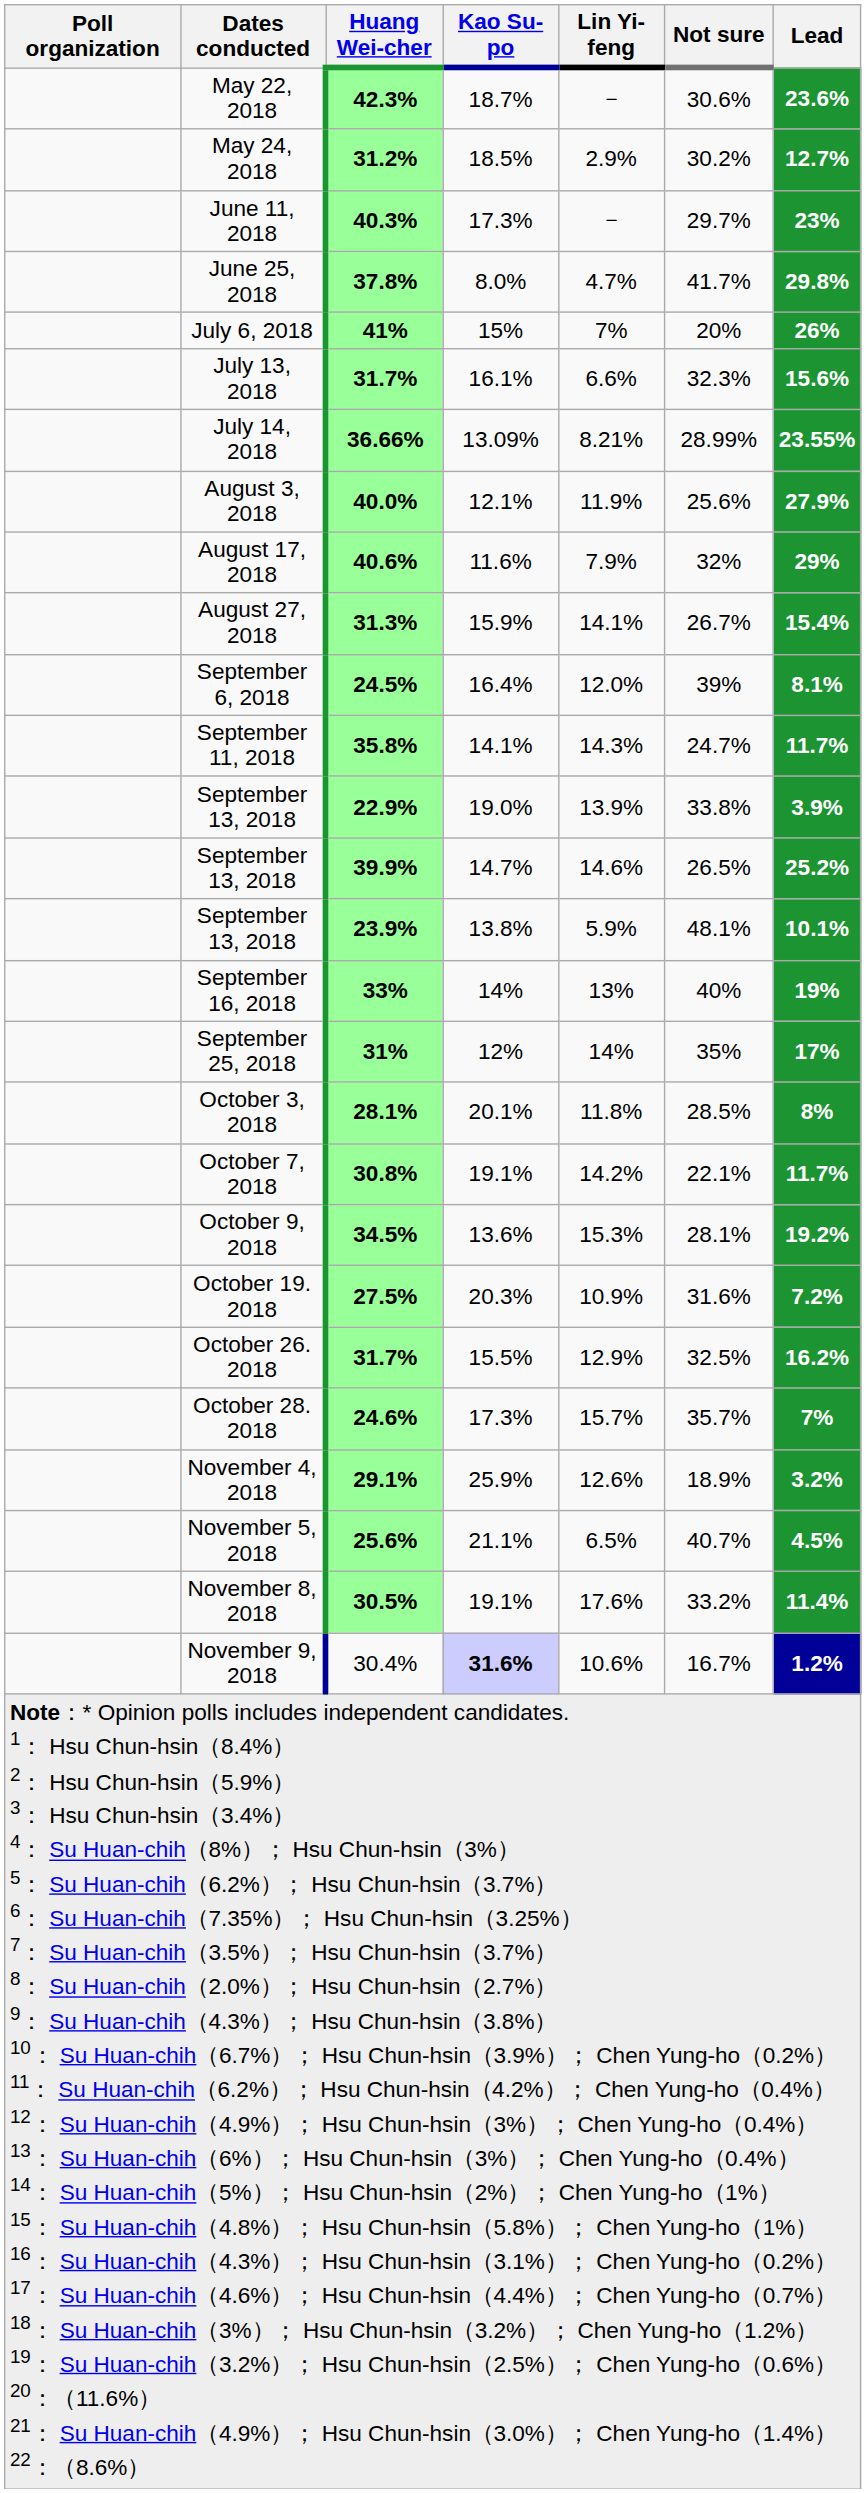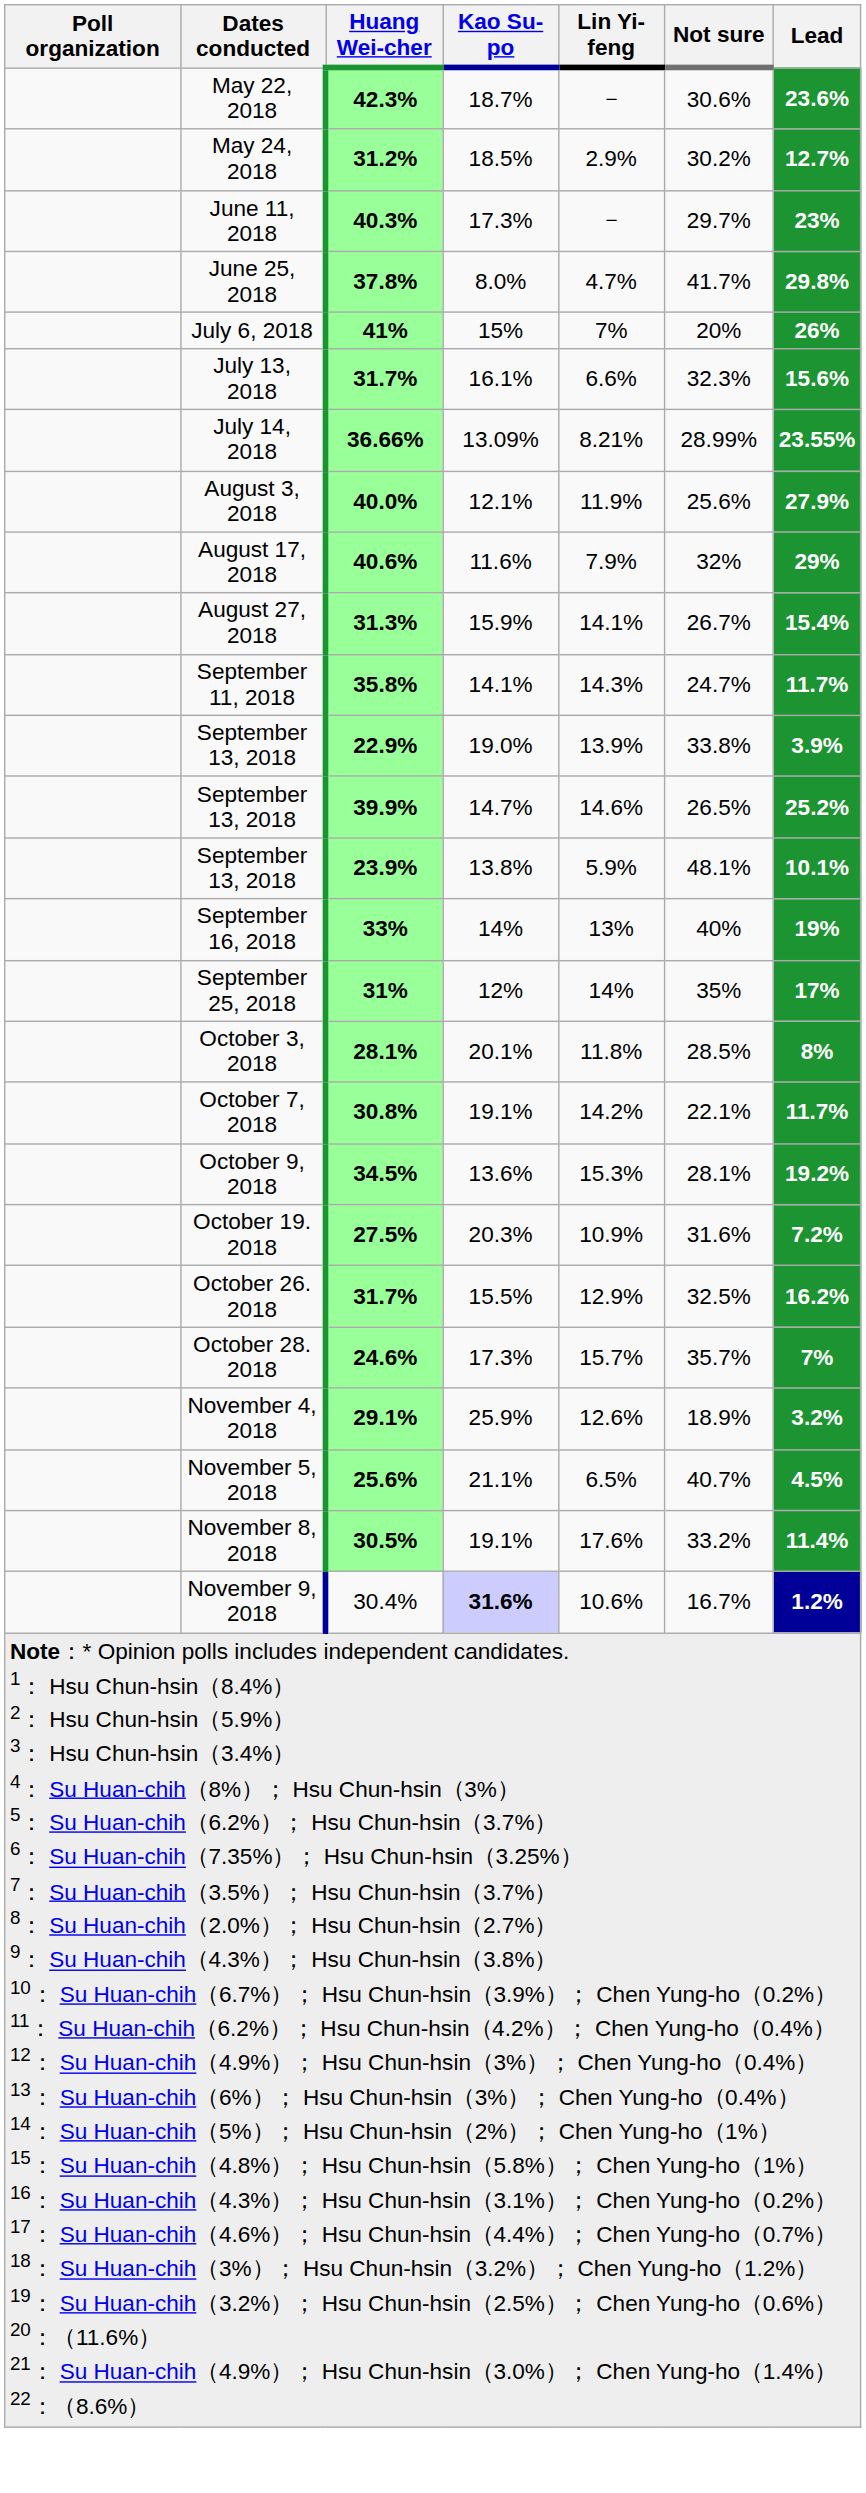 <table class="wikitable collapsible autocollapse" style="text-align:center">
 <tr style="background-color:# E9E9E9">
 <th style="width:200px;">Poll organization</th>
 <th style="width:150px;">Dates conducted</th>
 <th style="width:150px; border-bottom:4px solid #1B9431;"> <a href='#'>Huang Wei-cher</a></th>
 <th style="width:150px; border-bottom:4px solid #000099;"> <a href='#'>Kao Su-po</a></th>
 <th style="width:150px; border-bottom:4px solid #000000;"> Lin Yi-feng</th>
 <th style="width:130px; border-bottom:4px solid #707070;"> Not sure</th>
 <th style="width:40px;">Lead</th>
 </tr>
 <tr>
 <td></td>
 <td>May 22, 2018</td>
 <td style="background-color:#99FF99; border-left:4px solid #1B9431;"><strong>42.3%</strong></td>
 <td>18.7%</td>
 <td>－</td>
 <td>30.6%</td>
 <td style="background:#1B9431; color:white"><strong>23.6%</strong></td>
 </tr>
 <tr>
 <td></td>
 <td>May 24, 2018</td>
 <td style="background-color:#99FF99; border-left:4px solid #1B9431;"><strong>31.2%</strong></td>
 <td>18.5%</td>
 <td>2.9%</td>
 <td>30.2%</td>
 <td style="background:#1B9431; color:white"><strong>12.7%</strong></td>
 </tr>
 <tr>
 <td></td>
 <td>June 11, 2018</td>
 <td style="background-color:#99FF99; border-left:4px solid #1B9431;"><strong>40.3%</strong></td>
 <td>17.3%</td>
 <td>－</td>
 <td>29.7%</td>
 <td style="background:#1B9431; color:white"><strong>23%</strong></td>
 </tr>
 <tr>
 <td></td>
 <td>June 25, 2018</td>
 <td style="background-color:#99FF99; border-left:4px solid #1B9431;"><strong>37.8%</strong></td>
 <td>8.0%</td>
 <td>4.7%</td>
 <td>41.7%</td>
 <td style="background:#1B9431; color:white"><strong>29.8%</strong></td>
 </tr>
 <tr>
 <td></td>
 <td>July 6, 2018</td>
 <td style="background-color:#99FF99; border-left:4px solid #1B9431;"><strong>41%</strong></td>
 <td>15%</td>
 <td>7%</td>
 <td>20%</td>
 <td style="background:#1B9431; color:white"><strong>26%</strong></td>
 </tr>
 <tr>
 <td> </td>
 <td>July 13, 2018</td>
 <td style="background-color:#99FF99; border-left:4px solid #1B9431;"><strong>31.7%</strong></td>
 <td>16.1%</td>
 <td>6.6%</td>
 <td>32.3%</td>
 <td style="background:#1B9431; color:white"><strong>15.6%</strong></td>
 </tr>
 <tr>
 <td> </td>
 <td>July 14, 2018</td>
 <td style="background-color:#99FF99; border-left:4px solid #1B9431;"><strong>36.66%</strong></td>
 <td>13.09%</td>
 <td>8.21%</td>
 <td>28.99%</td>
 <td style="background:#1B9431; color:white"><strong>23.55%</strong></td>
 </tr>
 <tr>
 <td></td>
 <td>August 3, 2018</td>
 <td style="background-color:#99FF99; border-left:4px solid #1B9431;"><strong>40.0%</strong></td>
 <td>12.1%</td>
 <td>11.9%</td>
 <td>25.6%</td>
 <td style="background:#1B9431; color:white"><strong>27.9%</strong></td>
 </tr>
 <tr>
 <td></td>
 <td>August 17, 2018</td>
 <td style="background-color:#99FF99; border-left:4px solid #1B9431;"><strong>40.6%</strong></td>
 <td>11.6%</td>
 <td>7.9%</td>
 <td>32%</td>
 <td style="background:#1B9431; color:white"><strong>29%</strong></td>
 </tr>
 <tr>
 <td></td>
 <td>August 27, 2018</td>
 <td style="background-color:#99FF99; border-left:4px solid #1B9431;"><strong>31.3%</strong></td>
 <td>15.9%</td>
 <td>14.1%</td>
 <td>26.7%</td>
 <td style="background:#1B9431; color:white"><strong>15.4%</strong></td>
-</tr>
-<tr>
-<td></td>
-<td>September 6, 2018</td>
-<td style="background-color:#99FF99; border-left:4px solid #1B9431;"><strong>24.5%</strong></td>
-<td>16.4%</td>
-<td>12.0%</td>
-<td>39%</td>
-<td style="background:#1B9431; color:white"><strong>8.1%</strong></td>
 </tr>
 <tr>
 <td></td>
 <td>September 11, 2018</td>
 <td style="background-color:#99FF99; border-left:4px solid #1B9431;"><strong>35.8%</strong></td>
 <td>14.1%</td>
 <td>14.3%</td>
 <td>24.7%</td>
 <td style="background:#1B9431; color:white"><strong>11.7%</strong></td>
 </tr>
 <tr>
 <td></td>
 <td>September 13, 2018</td>
 <td style="background-color:#99FF99; border-left:4px solid #1B9431;"><strong>22.9%</strong></td>
 <td>19.0%</td>
 <td>13.9%</td>
 <td>33.8%</td>
 <td style="background:#1B9431; color:white"><strong>3.9%</strong></td>
 </tr>
 <tr>
 <td></td>
 <td>September 13, 2018</td>
 <td style="background-color:#99FF99; border-left:4px solid #1B9431;"><strong>39.9%</strong></td>
 <td>14.7%</td>
 <td>14.6%</td>
 <td>26.5%</td>
 <td style="background:#1B9431; color:white"><strong>25.2%</strong></td>
 </tr>
 <tr>
 <td> </td>
 <td>September 13, 2018</td>
 <td style="background-color:#99FF99; border-left:4px solid #1B9431;"><strong>23.9%</strong></td>
 <td>13.8%</td>
 <td>5.9%</td>
 <td>48.1%</td>
 <td style="background:#1B9431; color:white"><strong>10.1%</strong></td>
 </tr>
 <tr>
 <td></td>
 <td>September 16, 2018</td>
 <td style="background-color:#99FF99; border-left:4px solid #1B9431;"><strong>33%</strong></td>
 <td>14%</td>
 <td>13%</td>
 <td>40%</td>
 <td style="background:#1B9431; color:white"><strong>19%</strong></td>
 </tr>
 <tr>
 <td></td>
 <td>September 25, 2018</td>
 <td style="background-color:#99FF99; border-left:4px solid #1B9431;"><strong>31%</strong></td>
 <td>12%</td>
 <td>14%</td>
 <td>35%</td>
 <td style="background:#1B9431; color:white"><strong>17%</strong></td>
 </tr>
 <tr>
 <td> </td>
 <td>October 3, 2018</td>
 <td style="background-color:#99FF99; border-left:4px solid #1B9431;"><strong>28.1%</strong></td>
 <td>20.1%</td>
 <td>11.8%</td>
 <td>28.5%</td>
 <td style="background:#1B9431; color:white"><strong>8%</strong></td>
 </tr>
 <tr>
 <td></td>
 <td>October 7, 2018</td>
 <td style="background-color:#99FF99; border-left:4px solid #1B9431;"><strong>30.8%</strong></td>
 <td>19.1%</td>
 <td>14.2%</td>
 <td>22.1%</td>
 <td style="background:#1B9431; color:white"><strong>11.7%</strong></td>
 </tr>
 <tr>
 <td></td>
 <td>October 9, 2018</td>
 <td style="background-color:#99FF99; border-left:4px solid #1B9431;"><strong>34.5%</strong></td>
 <td>13.6%</td>
 <td>15.3%</td>
 <td>28.1%</td>
 <td style="background:#1B9431; color:white"><strong>19.2%</strong></td>
 </tr>
 <tr>
 <td></td>
 <td>October 19. 2018</td>
 <td style="background-color:#99FF99; border-left:4px solid #1B9431;"><strong>27.5%</strong></td>
 <td>20.3%</td>
 <td>10.9%</td>
 <td>31.6%</td>
 <td style="background:#1B9431; color:white"><strong>7.2%</strong></td>
 </tr>
 <tr>
 <td></td>
 <td>October 26. 2018</td>
 <td style="background-color:#99FF99; border-left:4px solid #1B9431;"><strong>31.7%</strong></td>
 <td>15.5%</td>
 <td>12.9%</td>
 <td>32.5%</td>
 <td style="background:#1B9431; color:white"><strong>16.2%</strong></td>
 </tr>
 <tr>
 <td></td>
 <td>October 28. 2018</td>
 <td style="background-color:#99FF99; border-left:4px solid #1B9431;"><strong>24.6%</strong></td>
 <td>17.3%</td>
 <td>15.7%</td>
 <td>35.7%</td>
 <td style="background:#1B9431; color:white"><strong>7%</strong></td>
 </tr>
 <tr>
 <td> </td>
 <td>November 4, 2018</td>
 <td style="background-color:#99FF99; border-left:4px solid #1B9431;"><strong>29.1%</strong></td>
 <td>25.9%</td>
 <td>12.6%</td>
 <td>18.9%</td>
 <td style="background:#1B9431; color:white"><strong>3.2%</strong></td>
 </tr>
 <tr>
 <td> </td>
 <td>November 5, 2018</td>
 <td style="background-color:#99FF99; border-left:4px solid #1B9431;"><strong>25.6%</strong></td>
 <td>21.1%</td>
 <td>6.5%</td>
 <td>40.7%</td>
 <td style="background:#1B9431; color:white"><strong>4.5%</strong></td>
 </tr>
 <tr>
 <td></td>
 <td>November 8, 2018</td>
 <td style="background-color:#99FF99; border-left:4px solid #1B9431;"><strong>30.5%</strong></td>
 <td>19.1%</td>
 <td>17.6%</td>
 <td>33.2%</td>
 <td style="background:#1B9431; color:white"><strong>11.4%</strong></td>
 </tr>
 <tr>
 <td> </td>
 <td>November 9, 2018</td>
 <td style="border-left:4px solid #000099;">30.4%</td>
 <td style="background-color:#CCCCFF;"><strong>31.6%</strong></td>
 <td>10.6%</td>
 <td>16.7%</td>
 <td style="background:#000099; color:white"><strong>1.2%</strong></td>
 </tr>
 <tr>
 <td colspan="7" style="background-color:#EEEEEE;" align=left><div><strong>Note</strong>：* Opinion polls includes independent candidates.<br><sup>1</sup>： Hsu Chun-hsin（8.4%）<br> <sup>2</sup>： Hsu Chun-hsin（5.9%）<br> <sup>3</sup>： Hsu Chun-hsin（3.4%）<br> <sup>4</sup>： <a href='#'>Su Huan-chih</a>（8%）； Hsu Chun-hsin（3%）<br> <sup>5</sup>： <a href='#'>Su Huan-chih</a>（6.2%）； Hsu Chun-hsin（3.7%）<br> <sup>6</sup>： <a href='#'>Su Huan-chih</a>（7.35%）； Hsu Chun-hsin（3.25%）<br> <sup>7</sup>： <a href='#'>Su Huan-chih</a>（3.5%）； Hsu Chun-hsin（3.7%）<br> <sup>8</sup>： <a href='#'>Su Huan-chih</a>（2.0%）； Hsu Chun-hsin（2.7%）<br> <sup>9</sup>： <a href='#'>Su Huan-chih</a>（4.3%）； Hsu Chun-hsin（3.8%）<br> <sup>10</sup>： <a href='#'>Su Huan-chih</a>（6.7%）； Hsu Chun-hsin（3.9%）； Chen Yung-ho（0.2%）<br> <sup>11</sup>： <a href='#'>Su Huan-chih</a>（6.2%）； Hsu Chun-hsin（4.2%）； Chen Yung-ho（0.4%）<br> <sup>12</sup>： <a href='#'>Su Huan-chih</a>（4.9%）； Hsu Chun-hsin（3%）； Chen Yung-ho（0.4%）<br> <sup>13</sup>： <a href='#'>Su Huan-chih</a>（6%）； Hsu Chun-hsin（3%）； Chen Yung-ho（0.4%）<br> <sup>14</sup>： <a href='#'>Su Huan-chih</a>（5%）； Hsu Chun-hsin（2%）； Chen Yung-ho（1%）<br> <sup>15</sup>： <a href='#'>Su Huan-chih</a>（4.8%）； Hsu Chun-hsin（5.8%）； Chen Yung-ho（1%）<br> <sup>16</sup>： <a href='#'>Su Huan-chih</a>（4.3%）； Hsu Chun-hsin（3.1%）； Chen Yung-ho（0.2%）<br> <sup>17</sup>： <a href='#'>Su Huan-chih</a>（4.6%）； Hsu Chun-hsin（4.4%）； Chen Yung-ho（0.7%）<br> <sup>18</sup>： <a href='#'>Su Huan-chih</a>（3%）； Hsu Chun-hsin（3.2%）； Chen Yung-ho（1.2%）<br> <sup>19</sup>： <a href='#'>Su Huan-chih</a>（3.2%）； Hsu Chun-hsin（2.5%）； Chen Yung-ho（0.6%）<br> <sup>20</sup>：（11.6%）<br> <sup>21</sup>： <a href='#'>Su Huan-chih</a>（4.9%）； Hsu Chun-hsin（3.0%）； Chen Yung-ho（1.4%）<br> <sup>22</sup>：（8.6%）<br> </div></td>
 </tr>
 </table>
